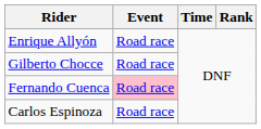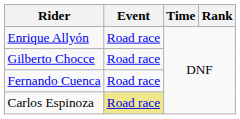 <table class="wikitable" border="1" style="font-size:90%">
 <tr>
 <th>Rider</th>
 <th>Event</th>
 <th>Time</th>
 <th>Rank</th>
 </tr>
 <tr align=center>
 <td align=left><a href='#'>Enrique Allyón</a></td>
 <td align=left><a href='#'>Road race</a></td>
 <td colspan=2 rowspan=4>DNF</td>
 </tr>
 <tr align=center>
 <td align=left><a href='#'>Gilberto Chocce</a></td>
 <td align=left><a href='#'>Road race</a></td>
 </tr>
 <tr align=center>
 <td align=left><a href='#'>Fernando Cuenca</a></td>
-<td align=left style="background: pink;"><a href='#'>Road race</a></td>
+<td align=left><a href='#'>Road race</a></td>
 </tr>
 <tr align=center>
 <td align=left>Carlos Espinoza</td>
-<td align=left><a href='#'>Road race</a></td>
+<td align=left style="background: khaki;"><a href='#'>Road race</a></td>
 </tr>
 </table>
